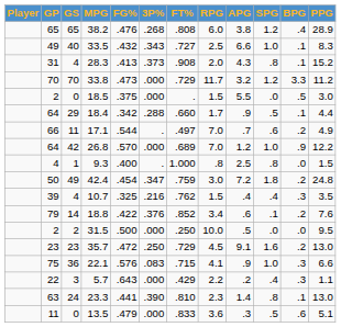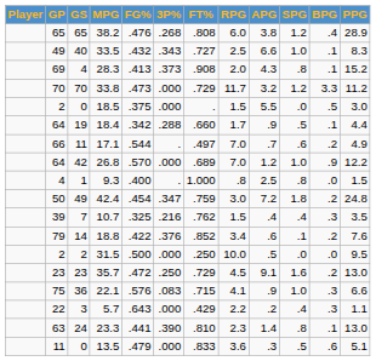 <table class="wikitable sortable" style="text-align:right;">
 <tr>
 <th style="background:#4b90cc; color:#Fbb726">Player</th>
 <th style="background:#4b90cc; color:#Fbb726">GP</th>
 <th style="background:#4b90cc; color:#Fbb726">GS</th>
 <th style="background:#4b90cc; color:#Fbb726">MPG</th>
 <th style="background:#4b90cc; color:#Fbb726">FG%</th>
 <th style="background:#4b90cc; color:#Fbb726">3P%</th>
 <th style="background:#4b90cc; color:#Fbb726">FT%</th>
 <th style="background:#4b90cc; color:#Fbb726">RPG</th>
 <th style="background:#4b90cc; color:#Fbb726">APG</th>
 <th style="background:#4b90cc; color:#Fbb726">SPG</th>
 <th style="background:#4b90cc; color:#Fbb726">BPG</th>
 <th style="background:#4b90cc; color:#Fbb726">PPG</th>
 </tr>
 <tr>
 <td></td>
 <td>65</td>
 <td>65</td>
 <td>38.2</td>
 <td>.476</td>
 <td>.268</td>
 <td>.808</td>
 <td>6.0</td>
 <td>3.8</td>
 <td>1.2</td>
 <td>.4</td>
 <td>28.9</td>
 </tr>
 <tr>
 <td></td>
 <td>49</td>
 <td>40</td>
 <td>33.5</td>
 <td>.432</td>
 <td>.343</td>
 <td>.727</td>
 <td>2.5</td>
 <td>6.6</td>
 <td>1.0</td>
 <td>.1</td>
 <td>8.3</td>
 </tr>
 <tr>
 <td></td>
-<td>31</td>
+<td>69</td>
 <td>4</td>
 <td>28.3</td>
 <td>.413</td>
 <td>.373</td>
 <td>.908</td>
 <td>2.0</td>
 <td>4.3</td>
 <td>.8</td>
 <td>.1</td>
 <td>15.2</td>
 </tr>
 <tr>
 <td></td>
 <td>70</td>
 <td>70</td>
 <td>33.8</td>
 <td>.473</td>
 <td>.000</td>
 <td>.729</td>
 <td>11.7</td>
 <td>3.2</td>
 <td>1.2</td>
 <td>3.3</td>
 <td>11.2</td>
 </tr>
 <tr>
 <td></td>
 <td>2</td>
 <td>0</td>
 <td>18.5</td>
 <td>.375</td>
 <td>.000</td>
 <td>.</td>
 <td>1.5</td>
 <td>5.5</td>
 <td>.0</td>
 <td>.5</td>
 <td>3.0</td>
 </tr>
 <tr>
 <td></td>
 <td>64</td>
-<td>29</td>
+<td>19</td>
 <td>18.4</td>
 <td>.342</td>
 <td>.288</td>
 <td>.660</td>
 <td>1.7</td>
 <td>.9</td>
 <td>.5</td>
 <td>.1</td>
 <td>4.4</td>
 </tr>
 <tr>
 <td></td>
 <td>66</td>
 <td>11</td>
 <td>17.1</td>
 <td>.544</td>
 <td>.</td>
 <td>.497</td>
 <td>7.0</td>
 <td>.7</td>
 <td>.6</td>
 <td>.2</td>
 <td>4.9</td>
 </tr>
 <tr>
 <td></td>
 <td>64</td>
 <td>42</td>
 <td>26.8</td>
 <td>.570</td>
 <td>.000</td>
 <td>.689</td>
 <td>7.0</td>
 <td>1.2</td>
 <td>1.0</td>
 <td>.9</td>
 <td>12.2</td>
 </tr>
 <tr>
 <td></td>
 <td>4</td>
 <td>1</td>
 <td>9.3</td>
 <td>.400</td>
 <td>.</td>
 <td>1.000</td>
 <td>.8</td>
 <td>2.5</td>
 <td>.8</td>
 <td>.0</td>
 <td>1.5</td>
 </tr>
 <tr>
 <td></td>
 <td>50</td>
 <td>49</td>
 <td>42.4</td>
 <td>.454</td>
 <td>.347</td>
 <td>.759</td>
 <td>3.0</td>
 <td>7.2</td>
 <td>1.8</td>
 <td>.2</td>
 <td>24.8</td>
 </tr>
 <tr>
 <td></td>
 <td>39</td>
-<td>4</td>
+<td>7</td>
 <td>10.7</td>
 <td>.325</td>
 <td>.216</td>
 <td>.762</td>
 <td>1.5</td>
 <td>.4</td>
 <td>.4</td>
 <td>.3</td>
 <td>3.5</td>
 </tr>
 <tr>
 <td></td>
 <td>79</td>
 <td>14</td>
 <td>18.8</td>
 <td>.422</td>
 <td>.376</td>
 <td>.852</td>
 <td>3.4</td>
 <td>.6</td>
 <td>.1</td>
 <td>.2</td>
 <td>7.6</td>
 </tr>
 <tr>
 <td></td>
 <td>2</td>
 <td>2</td>
 <td>31.5</td>
 <td>.500</td>
 <td>.000</td>
 <td>.250</td>
 <td>10.0</td>
 <td>.5</td>
 <td>.0</td>
 <td>.0</td>
 <td>9.5</td>
 </tr>
 <tr>
 <td></td>
 <td>23</td>
 <td>23</td>
 <td>35.7</td>
 <td>.472</td>
 <td>.250</td>
 <td>.729</td>
 <td>4.5</td>
 <td>9.1</td>
 <td>1.6</td>
 <td>.2</td>
 <td>13.0</td>
 </tr>
 <tr>
 <td></td>
 <td>75</td>
 <td>36</td>
 <td>22.1</td>
 <td>.576</td>
 <td>.083</td>
 <td>.715</td>
 <td>4.1</td>
 <td>.9</td>
 <td>1.0</td>
 <td>.3</td>
 <td>6.6</td>
 </tr>
 <tr>
 <td></td>
 <td>22</td>
 <td>3</td>
 <td>5.7</td>
 <td>.643</td>
 <td>.000</td>
 <td>.429</td>
 <td>2.2</td>
 <td>.2</td>
 <td>.4</td>
 <td>.3</td>
 <td>1.1</td>
 </tr>
 <tr>
 <td></td>
 <td>63</td>
 <td>24</td>
 <td>23.3</td>
 <td>.441</td>
 <td>.390</td>
 <td>.810</td>
 <td>2.3</td>
 <td>1.4</td>
 <td>.8</td>
 <td>.1</td>
 <td>13.0</td>
 </tr>
 <tr>
 <td></td>
 <td>11</td>
 <td>0</td>
 <td>13.5</td>
 <td>.479</td>
 <td>.000</td>
 <td>.833</td>
 <td>3.6</td>
 <td>.3</td>
 <td>.5</td>
 <td>.6</td>
 <td>5.1</td>
 </tr>
 </table>
